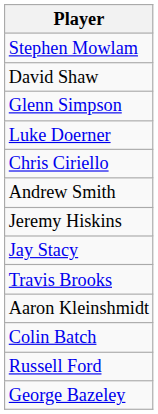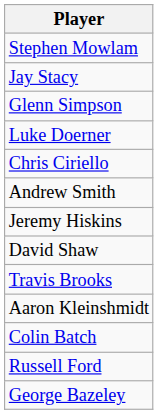 <table class="wikitable" border="1">
 <tr>
 <th><strong>Player</strong></th>
 </tr>
 <tr>
 <td><a href='#'>Stephen Mowlam</a></td>
 </tr>
 <tr>
-<td>David Shaw</td>
+<td><a href='#'>Jay Stacy</a></td>
 </tr>
 <tr>
 <td><a href='#'>Glenn Simpson</a></td>
 </tr>
 <tr>
 <td><a href='#'>Luke Doerner</a></td>
 </tr>
 <tr>
 <td><a href='#'>Chris Ciriello</a></td>
 </tr>
 <tr>
 <td>Andrew Smith</td>
 </tr>
 <tr>
 <td>Jeremy Hiskins</td>
 </tr>
 <tr>
-<td><a href='#'>Jay Stacy</a></td>
+<td>David Shaw</td>
 </tr>
 <tr>
 <td><a href='#'>Travis Brooks</a></td>
 </tr>
 <tr>
 <td>Aaron Kleinshmidt</td>
 </tr>
 <tr>
 <td><a href='#'>Colin Batch</a></td>
 </tr>
 <tr>
 <td><a href='#'>Russell Ford</a></td>
 </tr>
 <tr>
 <td><a href='#'>George Bazeley</a></td>
 </tr>
 </table>
